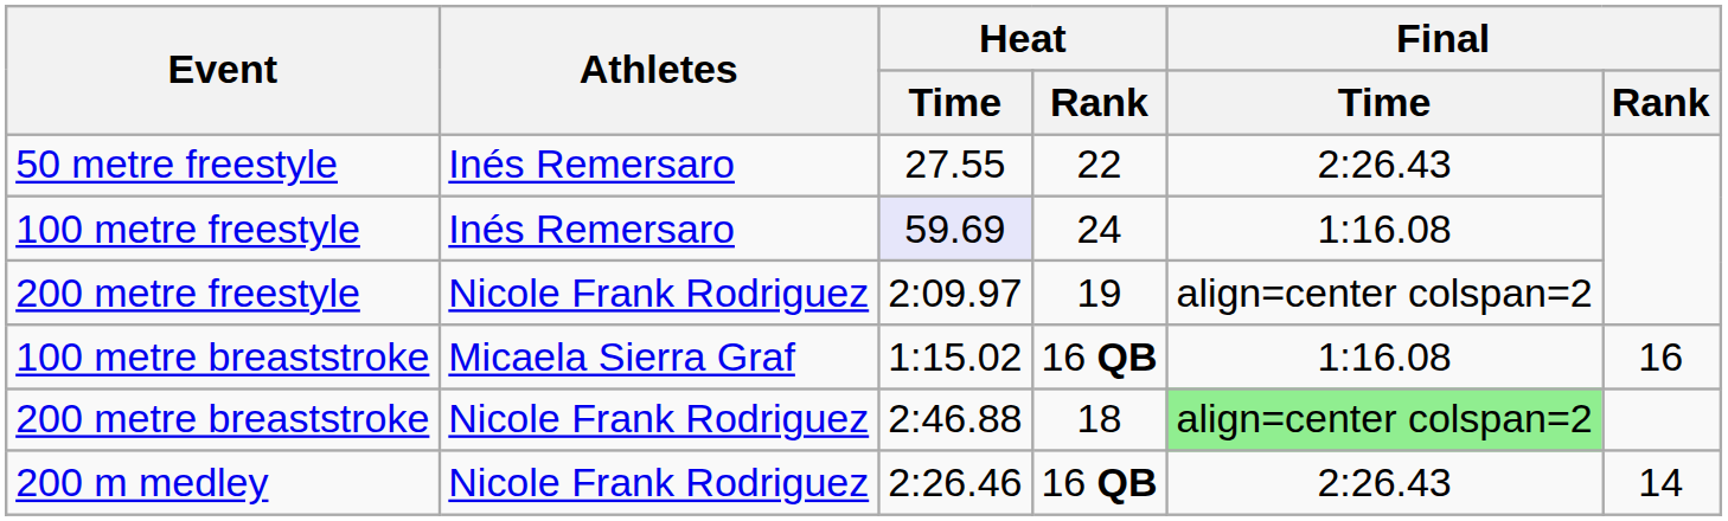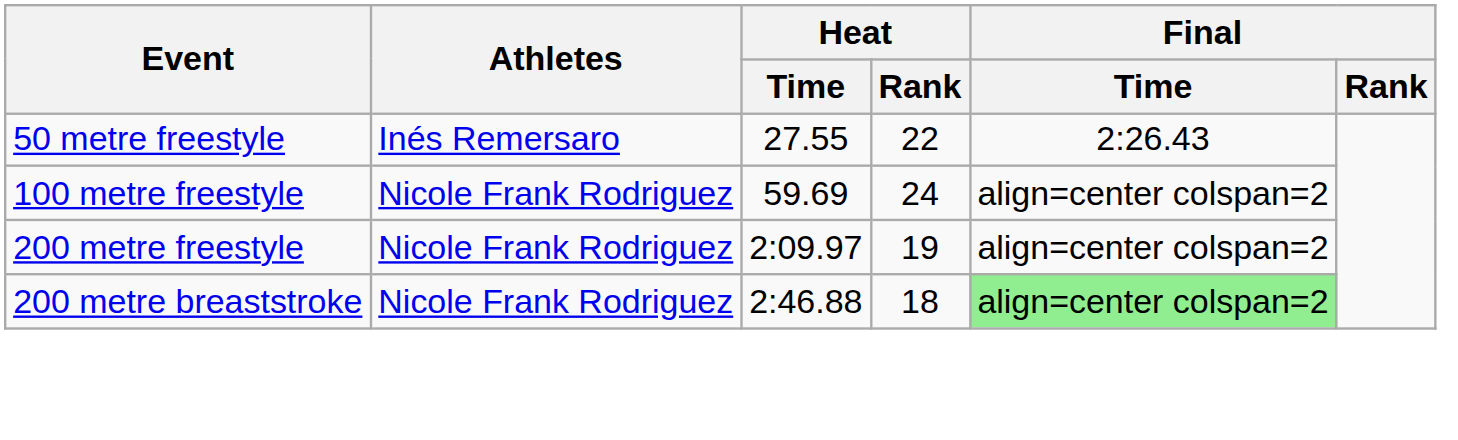 <table class="wikitable" border="1" style="font-size:90%">
 <tr>
 <th rowspan=2>Event</th>
 <th rowspan=2>Athletes</th>
 <th colspan=2>Heat</th>
 <th colspan=2>Final</th>
 </tr>
 <tr>
 <th>Time</th>
 <th>Rank</th>
 <th>Time</th>
 <th>Rank</th>
 </tr>
 <tr>
 <td><a href='#'>50 metre freestyle</a></td>
 <td><a href='#'>Inés Remersaro</a></td>
 <td align=center>27.55</td>
 <td align=center>22</td>
 <td align=center>2:26.43</td>
 </tr>
 <tr>
 <td><a href='#'>100 metre freestyle</a></td>
-<td><a href='#'>Inés Remersaro</a></td>
-<td align=center style="background: lavender;">59.69</td>
+<td><a href='#'>Nicole Frank Rodriguez</a></td>
+<td align=center>59.69</td>
 <td align=center>24</td>
-<td align=center>1:16.08</td>
+<td>align=center colspan=2 </td>
 </tr>
 <tr>
 <td><a href='#'>200 metre freestyle</a></td>
 <td><a href='#'>Nicole Frank Rodriguez</a></td>
 <td align=center>2:09.97</td>
 <td align=center>19</td>
 <td>align=center colspan=2 </td>
 </tr>
 <tr>
-<td><a href='#'>100 metre breaststroke</a></td>
-<td><a href='#'>Micaela Sierra Graf</a></td>
-<td align=center>1:15.02</td>
-<td align=center>16 <strong>QB</strong></td>
-<td align=center>1:16.08</td>
-<td align=center>16</td>
-</tr>
-<tr>
 <td><a href='#'>200 metre breaststroke</a></td>
 <td><a href='#'>Nicole Frank Rodriguez</a></td>
 <td align=center>2:46.88</td>
 <td align=center>18</td>
 <td style="background: lightgreen;">align=center colspan=2 </td>
 </tr>
-<tr>
-<td><a href='#'>200 m medley</a></td>
-<td><a href='#'>Nicole Frank Rodriguez</a></td>
-<td align=center>2:26.46</td>
-<td align=center>16 <strong>QB</strong></td>
-<td align=center>2:26.43</td>
-<td align=center>14</td>
-</tr>
 </table>
